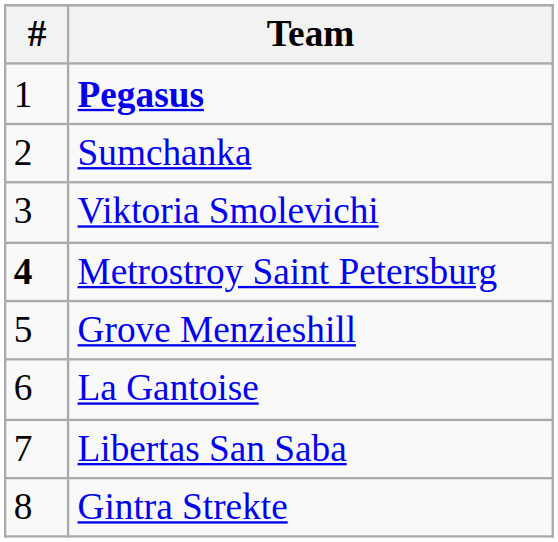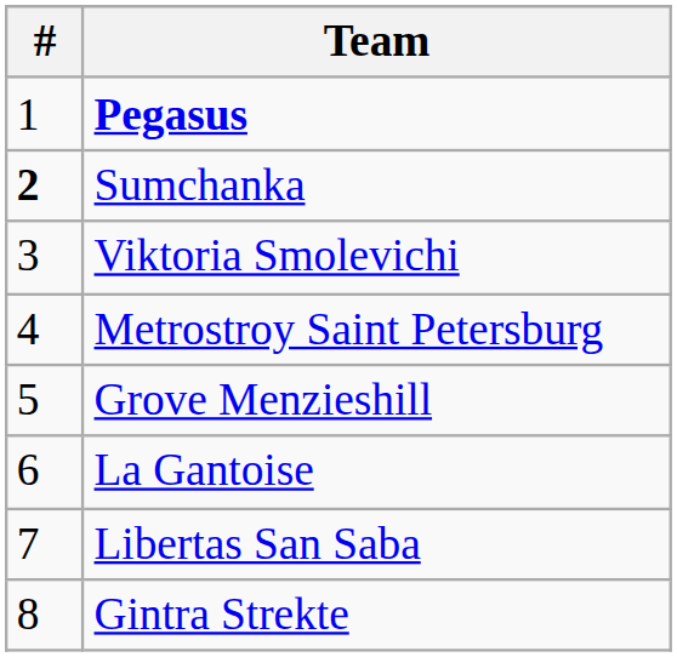 <table class=wikitable>
 <tr align=center>
 </tr>
 <tr>
 <th width=20>#</th>
 <th width=200>Team</th>
 </tr>
 <tr>
 <td>1</td>
 <td> <strong><a href='#'>Pegasus</a></strong></td>
 </tr>
 <tr>
-<td>2</td>
+<td><strong>2</strong></td>
 <td> <a href='#'>Sumchanka</a></td>
 </tr>
 <tr>
 <td>3</td>
 <td> <a href='#'>Viktoria Smolevichi</a></td>
 </tr>
 <tr>
-<td><strong>4</strong></td>
+<td>4</td>
 <td> <a href='#'>Metrostroy Saint Petersburg</a></td>
 </tr>
 <tr>
 <td>5</td>
 <td> <a href='#'>Grove Menzieshill</a></td>
 </tr>
 <tr>
 <td>6</td>
 <td> <a href='#'>La Gantoise</a></td>
 </tr>
 <tr>
 <td>7</td>
 <td> <a href='#'>Libertas San Saba</a></td>
 </tr>
 <tr>
 <td>8</td>
 <td> <a href='#'>Gintra Strekte</a></td>
 </tr>
 </table>
